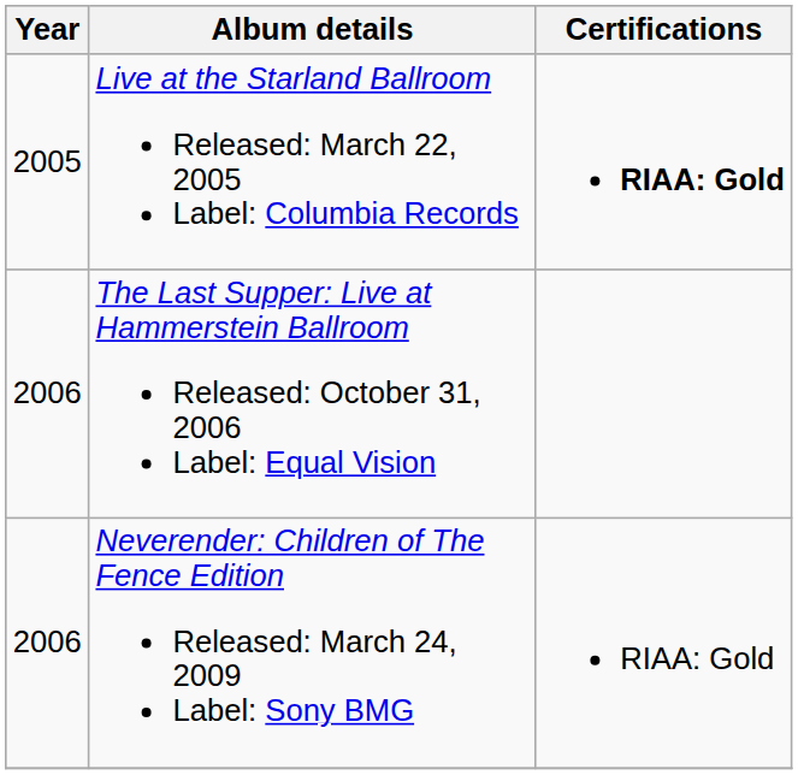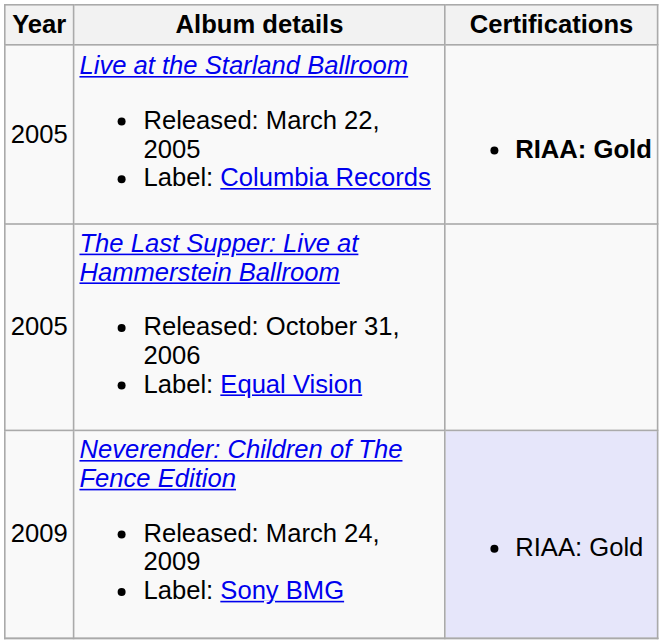 <table class="wikitable">
 <tr>
 <th>Year</th>
 <th width="225">Album details</th>
 <th>Certifications</th>
 </tr>
 <tr>
 <td>2005</td>
 <td><em><a href='#'>Live at the Starland Ballroom</a></em><br><ul><li>Released: March 22, 2005</li><li>Label: <a href='#'>Columbia Records</a></li></ul></td>
 <td><strong><br><ul><li>RIAA: Gold</li></ul></strong></td>
 </tr>
 <tr>
-<td>2006</td>
+<td>2005</td>
 <td><em><a href='#'>The Last Supper: Live at Hammerstein Ballroom</a></em><br><ul><li>Released: October 31, 2006</li><li>Label: <a href='#'>Equal Vision</a></li></ul></td>
 <td></td>
 </tr>
 <tr>
-<td>2006</td>
+<td>2009</td>
 <td><em><a href='#'>Neverender: Children of The Fence Edition</a></em><br><ul><li>Released: March 24, 2009</li><li>Label: <a href='#'>Sony BMG</a></li></ul></td>
-<td><br><ul><li>RIAA: Gold</li></ul></td>
+<td style="background: lavender;"><br><ul><li>RIAA: Gold</li></ul></td>
 </tr>
 <tr>
 </tr>
 </table>
